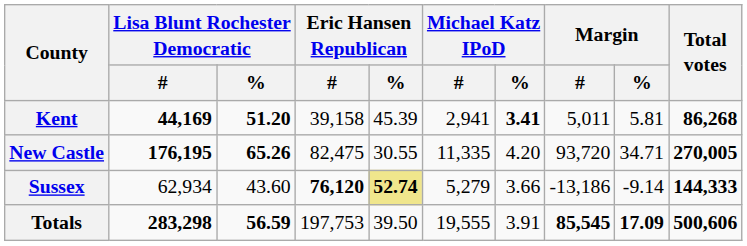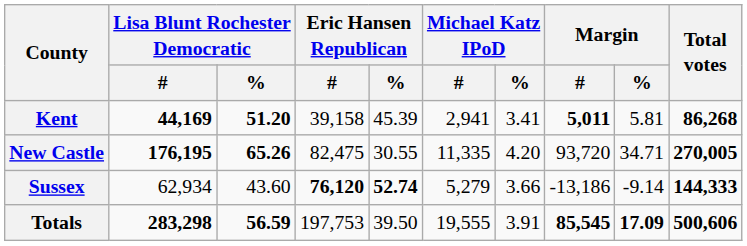 <table class="wikitable sortable" style="text-align:right;font-size:90%;line-height:1.3">
 <tr>
 <th rowspan="2">County</th>
 <th colspan="2"><a href='#'>Lisa Blunt Rochester</a><br><a href='#'>Democratic</a></th>
 <th colspan="2">Eric Hansen<br><a href='#'>Republican</a></th>
 <th colspan="2"><a href='#'>Michael Katz</a><br><a href='#'>IPoD</a></th>
 <th colspan="2">Margin</th>
 <th rowspan="2">Total<br>votes</th>
 </tr>
 <tr>
 <th data-sort-type="number">#</th>
 <th data-sort-type="number">%</th>
 <th data-sort-type="number">#</th>
 <th data-sort-type="number">%</th>
 <th data-sort-type="number">#</th>
 <th data-sort-type="number">%</th>
 <th data-sort-type="number">#</th>
 <th data-sort-type="number">%</th>
 </tr>
 <tr>
 <th><a href='#'>Kent</a></th>
 <td><strong>44,169</strong></td>
 <td><strong>51.20</strong></td>
 <td>39,158</td>
 <td>45.39</td>
 <td>2,941</td>
-<td><strong>3.41</strong></td>
-<td>5,011</td>
+<td>3.41</td>
+<td><strong>5,011</strong></td>
 <td>5.81</td>
 <td><strong>86,268</strong></td>
 </tr>
 <tr>
 <th><a href='#'>New Castle</a></th>
 <td><strong>176,195</strong></td>
 <td><strong>65.26</strong></td>
 <td>82,475</td>
 <td>30.55</td>
 <td>11,335</td>
 <td>4.20</td>
 <td>93,720</td>
 <td>34.71</td>
 <td><strong>270,005</strong></td>
 </tr>
 <tr>
 <th><a href='#'>Sussex</a></th>
 <td>62,934</td>
 <td>43.60</td>
 <td><strong>76,120</strong></td>
-<td style="background: khaki;"><strong>52.74</strong></td>
+<td><strong>52.74</strong></td>
 <td>5,279</td>
 <td>3.66</td>
 <td>-13,186</td>
 <td>-9.14</td>
 <td><strong>144,333</strong></td>
 </tr>
 <tr class="sortbottom">
 <th>Totals</th>
 <td><strong>283,298</strong></td>
 <td><strong>56.59</strong></td>
 <td>197,753</td>
 <td>39.50</td>
 <td>19,555</td>
 <td>3.91</td>
 <td><strong>85,545</strong></td>
 <td><strong>17.09</strong></td>
 <td><strong>500,606</strong></td>
 </tr>
 </table>
